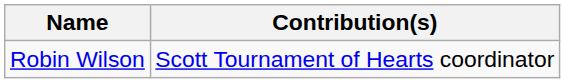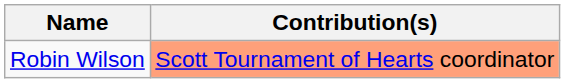 <table class="wikitable">
 <tr>
 <th><strong>Name</strong></th>
 <th><strong>Contribution(s)</strong></th>
 </tr>
 <tr>
 <td><a href='#'>Robin Wilson</a></td>
-<td><a href='#'>Scott Tournament of Hearts</a> coordinator</td>
+<td style="background: lightsalmon;"><a href='#'>Scott Tournament of Hearts</a> coordinator</td>
 </tr>
 </table>
